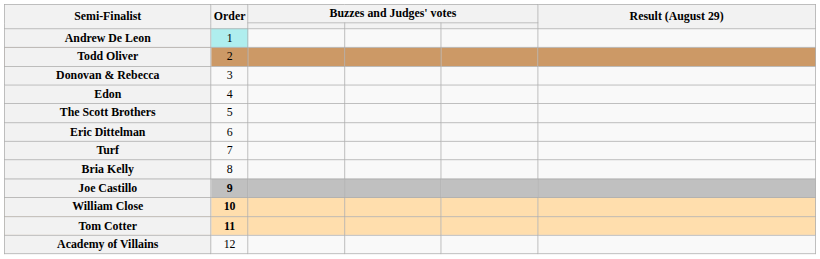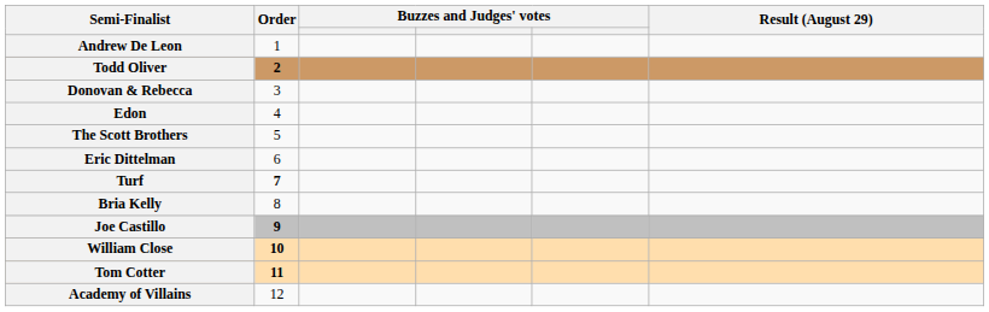 <table class="wikitable plainrowheaders sortable" style="text-align:center;">
 <tr>
 <th scope="col" rowspan="2" class="unsortable" style="width:17em;">Semi-Finalist</th>
 <th scope="col" rowspan="2" style="width:1em;">Order</th>
 <th scope="col" colspan="3" class="unsortable" style="width:24em;">Buzzes and Judges' votes</th>
 <th scope="col" rowspan="2" style="width:23em;">Result (August 29)</th>
 </tr>
 <tr>
 <th scope="col" class="unsortable" style="width:6em;"></th>
 <th scope="col" class="unsortable" style="width:6em;"></th>
 <th scope="col" class="unsortable" style="width:6em;"></th>
 </tr>
 <tr>
 <th scope="row">Andrew De Leon</th>
-<td style="background: paleturquoise;">1</td>
+<td>1</td>
 <td style="text-align:center;"></td>
 <td style="text-align:center;"></td>
 <td style="text-align:center;"></td>
 <td></td>
 </tr>
 <tr style="background:#c96;">
 <th scope="row">Todd Oliver</th>
-<td>2</td>
+<td><strong>2</strong></td>
 <td style="text-align:center;"></td>
 <td style="text-align:center;"></td>
 <td style="text-align:center;"></td>
 <td></td>
 </tr>
 <tr>
 <th scope="row">Donovan & Rebecca</th>
 <td>3</td>
 <td style="text-align:center;"></td>
 <td style="text-align:center;"></td>
 <td style="text-align:center;"></td>
 <td></td>
 </tr>
 <tr>
 <th scope="row">Edon</th>
 <td>4</td>
 <td style="text-align:center;"></td>
 <td style="text-align:center;"></td>
 <td style="text-align:center;"></td>
 <td></td>
 </tr>
 <tr>
 <th scope="row">The Scott Brothers</th>
 <td>5</td>
 <td style="text-align:center;"></td>
 <td style="text-align:center;"></td>
 <td style="text-align:center;"></td>
 <td></td>
 </tr>
 <tr>
 <th scope="row">Eric Dittelman</th>
 <td>6</td>
 <td style="text-align:center;"></td>
 <td style="text-align:center;"></td>
 <td style="text-align:center;"></td>
 <td></td>
 </tr>
 <tr>
 <th scope="row">Turf</th>
-<td>7</td>
+<td><strong>7</strong></td>
 <td style="text-align:center;"></td>
 <td style="text-align:center;"></td>
 <td style="text-align:center;"></td>
 <td></td>
 </tr>
 <tr>
 <th scope="row">Bria Kelly</th>
 <td>8</td>
 <td style="text-align:center;"></td>
 <td style="text-align:center;"></td>
 <td style="text-align:center;"></td>
 <td></td>
 </tr>
 <tr style="background:silver;">
 <th scope="row"><strong>Joe Castillo</strong></th>
 <td><strong>9</strong></td>
 <td style="text-align:center;"></td>
 <td style="text-align:center;"></td>
 <td style="text-align:center;"></td>
 <td><strong></strong></td>
 </tr>
 <tr style="background:NavajoWhite;">
 <th scope="row"><strong>William Close</strong></th>
 <td><strong>10</strong></td>
 <td style="text-align:center;"></td>
 <td style="text-align:center;"></td>
 <td style="text-align:center;"></td>
 <td><strong></strong></td>
 </tr>
 <tr style="background:NavajoWhite;">
 <th scope="row"><strong>Tom Cotter</strong></th>
 <td><strong>11</strong></td>
 <td style="text-align:center;"></td>
 <td style="text-align:center;"></td>
 <td style="text-align:center;"></td>
 <td><strong></strong></td>
 </tr>
 <tr>
 <th scope="row">Academy of Villains</th>
 <td>12</td>
 <td style="text-align:center;"></td>
 <td style="text-align:center;"></td>
 <td style="text-align:center;"></td>
 <td></td>
 </tr>
 </table>
